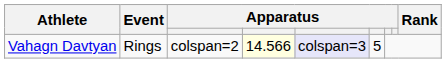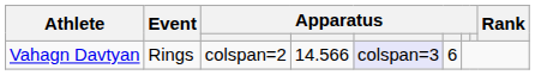 <table class="wikitable" style="font-size:90%">
 <tr>
 <th rowspan=2>Athlete</th>
 <th rowspan=2>Event</th>
 <th colspan =6>Apparatus</th>
 <th rowspan=2>Rank</th>
 </tr>
 <tr style="font-size:95%">
 <th></th>
 <th></th>
 <th></th>
 <th></th>
 <th></th>
 <th></th>
 </tr>
 <tr align=center>
 <td align=left><a href='#'>Vahagn Davtyan</a></td>
 <td align=left>Rings</td>
 <td>colspan=2</td>
-<td style="background: lightyellow;">14.566</td>
+<td>14.566</td>
 <td style="background: lavender;">colspan=3</td>
-<td>5</td>
+<td>6</td>
 </tr>
 </table>
